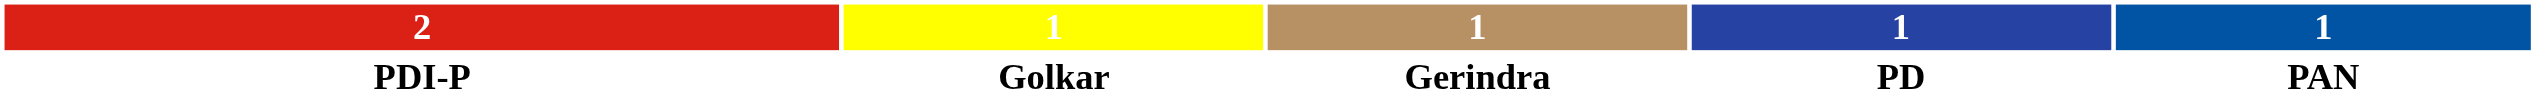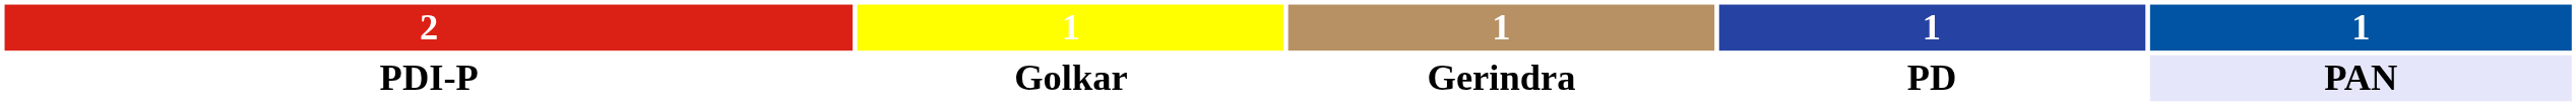 <table style="width:88%; text-align:center;">
 <tr style="color:white;">
 <td style="background:#DB2016; width:33.3%;"><strong>2</strong></td>
 <td style="background:#FFFF00; width:16.7%;"><strong>1</strong></td>
 <td style="background:#B79164; width:16.7%;"><strong>1</strong></td>
 <td style="background:#2643A3; width:16.7%;"><strong>1</strong></td>
 <td style="background:#0054A3; width:16.7%;"><strong>1</strong></td>
 </tr>
 <tr>
 <td><span><strong>PDI-P</strong></span></td>
 <td><span><strong>Golkar</strong></span></td>
 <td><span><strong>Gerindra</strong></span></td>
 <td><span><strong>PD</strong></span></td>
-<td><span><strong>PAN</strong></span></td>
+<td style="background: lavender;"><span><strong>PAN</strong></span></td>
 </tr>
 </table>
